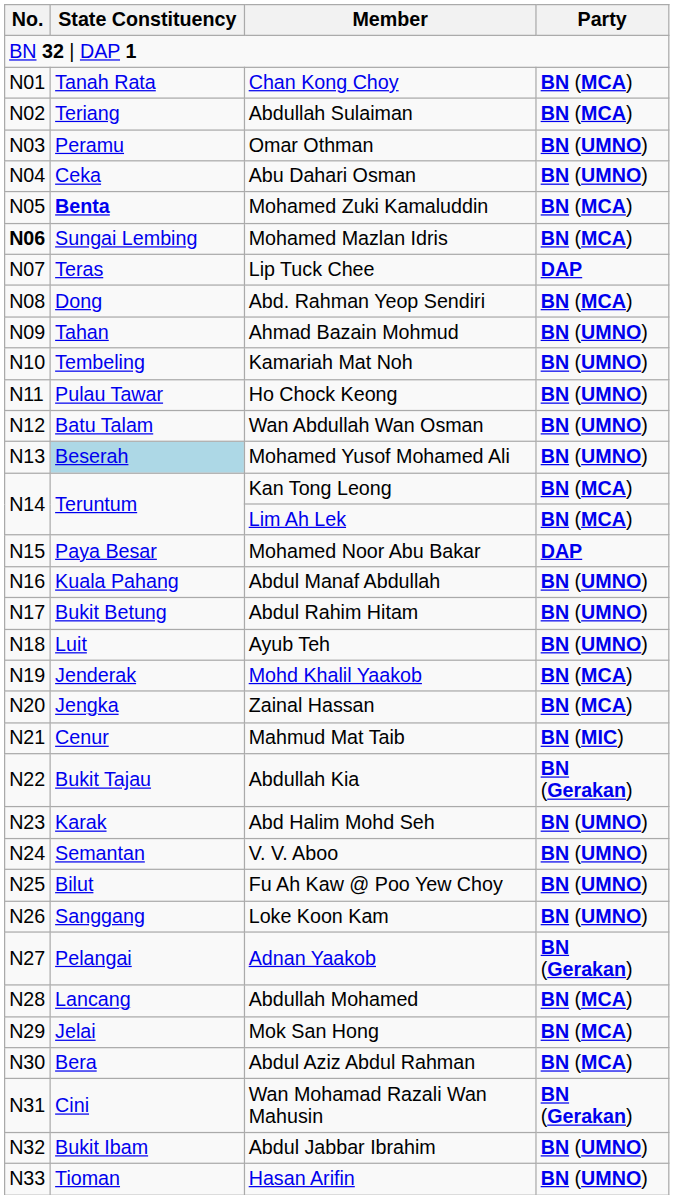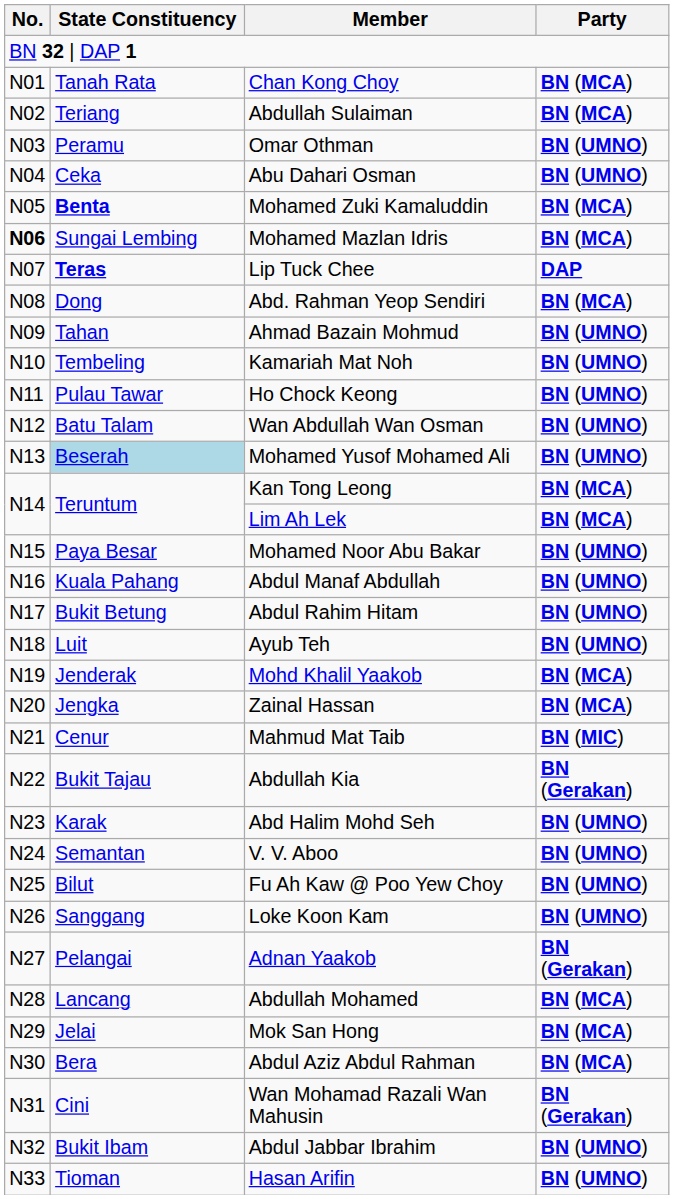 <table class="wikitable sortable">
 <tr>
 <th style="width:30px;">No.</th>
 <th style="width:150px;">State Constituency</th>
 <th style="width:230px;">Member</th>
 <th style="width:100px;">Party</th>
 </tr>
 <tr>
 <td colspan="4"><a href='#'>BN</a> <strong>32</strong> | <a href='#'>DAP</a> <strong>1</strong></td>
 </tr>
 <tr>
 <td>N01</td>
 <td><a href='#'>Tanah Rata</a></td>
 <td><a href='#'>Chan Kong Choy</a></td>
 <td><strong><a href='#'>BN</a></strong> (<strong><a href='#'>MCA</a></strong>)</td>
 </tr>
 <tr>
 <td>N02</td>
 <td><a href='#'>Teriang</a></td>
 <td>Abdullah Sulaiman</td>
 <td><strong><a href='#'>BN</a></strong> (<strong><a href='#'>MCA</a></strong>)</td>
 </tr>
 <tr>
 <td>N03</td>
 <td><a href='#'>Peramu</a></td>
 <td>Omar Othman</td>
 <td><strong><a href='#'>BN</a></strong> (<strong><a href='#'>UMNO</a></strong>)</td>
 </tr>
 <tr>
 <td>N04</td>
 <td><a href='#'>Ceka</a></td>
 <td>Abu Dahari Osman</td>
 <td><strong><a href='#'>BN</a></strong> (<strong><a href='#'>UMNO</a></strong>)</td>
 </tr>
 <tr>
 <td>N05</td>
 <td><strong><a href='#'>Benta</a></strong></td>
 <td>Mohamed Zuki Kamaluddin</td>
 <td><strong><a href='#'>BN</a></strong> (<strong><a href='#'>MCA</a></strong>)</td>
 </tr>
 <tr>
 <td><strong>N06</strong></td>
 <td><a href='#'>Sungai Lembing</a></td>
 <td>Mohamed Mazlan Idris</td>
 <td><strong><a href='#'>BN</a></strong> (<strong><a href='#'>MCA</a></strong>)</td>
 </tr>
 <tr>
 <td>N07</td>
-<td><a href='#'>Teras</a></td>
+<td><strong><a href='#'>Teras</a></strong></td>
 <td>Lip Tuck Chee</td>
 <td><strong><a href='#'>DAP</a></strong></td>
 </tr>
 <tr>
 <td>N08</td>
 <td><a href='#'>Dong</a></td>
 <td>Abd. Rahman Yeop Sendiri</td>
 <td><strong><a href='#'>BN</a></strong> (<strong><a href='#'>MCA</a></strong>)</td>
 </tr>
 <tr>
 <td>N09</td>
 <td><a href='#'>Tahan</a></td>
 <td>Ahmad Bazain Mohmud</td>
 <td><strong><a href='#'>BN</a></strong> (<strong><a href='#'>UMNO</a></strong>)</td>
 </tr>
 <tr>
 <td>N10</td>
 <td><a href='#'>Tembeling</a></td>
 <td>Kamariah Mat Noh</td>
 <td><strong><a href='#'>BN</a></strong> (<strong><a href='#'>UMNO</a></strong>)</td>
 </tr>
 <tr>
 <td>N11</td>
 <td><a href='#'>Pulau Tawar</a></td>
 <td>Ho Chock Keong</td>
 <td><strong><a href='#'>BN</a></strong> (<strong><a href='#'>UMNO</a></strong>)</td>
 </tr>
 <tr>
 <td>N12</td>
 <td><a href='#'>Batu Talam</a></td>
 <td>Wan Abdullah Wan Osman</td>
 <td><strong><a href='#'>BN</a></strong> (<strong><a href='#'>UMNO</a></strong>)</td>
 </tr>
 <tr>
 <td>N13</td>
 <td style="background: lightblue;"><a href='#'>Beserah</a></td>
 <td>Mohamed Yusof Mohamed Ali</td>
 <td><strong><a href='#'>BN</a></strong> (<strong><a href='#'>UMNO</a></strong>)</td>
 </tr>
 <tr>
 <td rowspan=2>N14</td>
 <td rowspan=2><a href='#'>Teruntum</a></td>
 <td>Kan Tong Leong </td>
 <td><strong><a href='#'>BN</a></strong> (<strong><a href='#'>MCA</a></strong>)</td>
 </tr>
 <tr>
 <td><a href='#'>Lim Ah Lek</a> </td>
 <td><strong><a href='#'>BN</a></strong> (<strong><a href='#'>MCA</a></strong>)</td>
 </tr>
 <tr>
 <td>N15</td>
 <td><a href='#'>Paya Besar</a></td>
 <td>Mohamed Noor Abu Bakar</td>
-<td><strong><a href='#'>DAP</a></strong></td>
+<td><strong><a href='#'>BN</a></strong> (<strong><a href='#'>UMNO</a></strong>)</td>
 </tr>
 <tr>
 <td>N16</td>
 <td><a href='#'>Kuala Pahang</a></td>
 <td>Abdul Manaf Abdullah</td>
 <td><strong><a href='#'>BN</a></strong> (<strong><a href='#'>UMNO</a></strong>)</td>
 </tr>
 <tr>
 <td>N17</td>
 <td><a href='#'>Bukit Betung</a></td>
 <td>Abdul Rahim Hitam</td>
 <td><strong><a href='#'>BN</a></strong> (<strong><a href='#'>UMNO</a></strong>)</td>
 </tr>
 <tr>
 <td>N18</td>
 <td><a href='#'>Luit</a></td>
 <td>Ayub Teh</td>
 <td><strong><a href='#'>BN</a></strong> (<strong><a href='#'>UMNO</a></strong>)</td>
 </tr>
 <tr>
 <td>N19</td>
 <td><a href='#'>Jenderak</a></td>
 <td><a href='#'>Mohd Khalil Yaakob</a></td>
 <td><strong><a href='#'>BN</a></strong> (<strong><a href='#'>MCA</a></strong>)</td>
 </tr>
 <tr>
 <td>N20</td>
 <td><a href='#'>Jengka</a></td>
 <td>Zainal Hassan</td>
 <td><strong><a href='#'>BN</a></strong> (<strong><a href='#'>MCA</a></strong>)</td>
 </tr>
 <tr>
 <td>N21</td>
 <td><a href='#'>Cenur</a></td>
 <td>Mahmud Mat Taib</td>
 <td><strong><a href='#'>BN</a></strong> (<strong><a href='#'>MIC</a></strong>)</td>
 </tr>
 <tr>
 <td>N22</td>
 <td><a href='#'>Bukit Tajau</a></td>
 <td>Abdullah Kia</td>
 <td><strong><a href='#'>BN</a></strong> (<strong><a href='#'>Gerakan</a></strong>)</td>
 </tr>
 <tr>
 <td>N23</td>
 <td><a href='#'>Karak</a></td>
 <td>Abd Halim Mohd Seh</td>
 <td><strong><a href='#'>BN</a></strong> (<strong><a href='#'>UMNO</a></strong>)</td>
 </tr>
 <tr>
 <td>N24</td>
 <td><a href='#'>Semantan</a></td>
 <td>V. V. Aboo</td>
 <td><strong><a href='#'>BN</a></strong> (<strong><a href='#'>UMNO</a></strong>)</td>
 </tr>
 <tr>
 <td>N25</td>
 <td><a href='#'>Bilut</a></td>
 <td>Fu Ah Kaw @ Poo Yew Choy</td>
 <td><strong><a href='#'>BN</a></strong> (<strong><a href='#'>UMNO</a></strong>)</td>
 </tr>
 <tr>
 <td>N26</td>
 <td><a href='#'>Sanggang</a></td>
 <td>Loke Koon Kam</td>
 <td><strong><a href='#'>BN</a></strong> (<strong><a href='#'>UMNO</a></strong>)</td>
 </tr>
 <tr>
 <td>N27</td>
 <td><a href='#'>Pelangai</a></td>
 <td><a href='#'>Adnan Yaakob</a></td>
 <td><strong><a href='#'>BN</a></strong> (<strong><a href='#'>Gerakan</a></strong>)</td>
 </tr>
 <tr>
 <td>N28</td>
 <td><a href='#'>Lancang</a></td>
 <td>Abdullah Mohamed</td>
 <td><strong><a href='#'>BN</a></strong> (<strong><a href='#'>MCA</a></strong>)</td>
 </tr>
 <tr>
 <td>N29</td>
 <td><a href='#'>Jelai</a></td>
 <td>Mok San Hong</td>
 <td><strong><a href='#'>BN</a></strong> (<strong><a href='#'>MCA</a></strong>)</td>
 </tr>
 <tr>
 <td>N30</td>
 <td><a href='#'>Bera</a></td>
 <td>Abdul Aziz Abdul Rahman</td>
 <td><strong><a href='#'>BN</a></strong> (<strong><a href='#'>MCA</a></strong>)</td>
 </tr>
 <tr>
 <td>N31</td>
 <td><a href='#'>Cini</a></td>
 <td>Wan Mohamad Razali Wan Mahusin</td>
 <td><strong><a href='#'>BN</a></strong> (<strong><a href='#'>Gerakan</a></strong>)</td>
 </tr>
 <tr>
 <td>N32</td>
 <td><a href='#'>Bukit Ibam</a></td>
 <td>Abdul Jabbar Ibrahim</td>
 <td><strong><a href='#'>BN</a></strong> (<strong><a href='#'>UMNO</a></strong>)</td>
 </tr>
 <tr>
 <td>N33</td>
 <td><a href='#'>Tioman</a></td>
 <td><a href='#'>Hasan Arifin</a></td>
 <td><strong><a href='#'>BN</a></strong> (<strong><a href='#'>UMNO</a></strong>)</td>
 </tr>
 </table>
